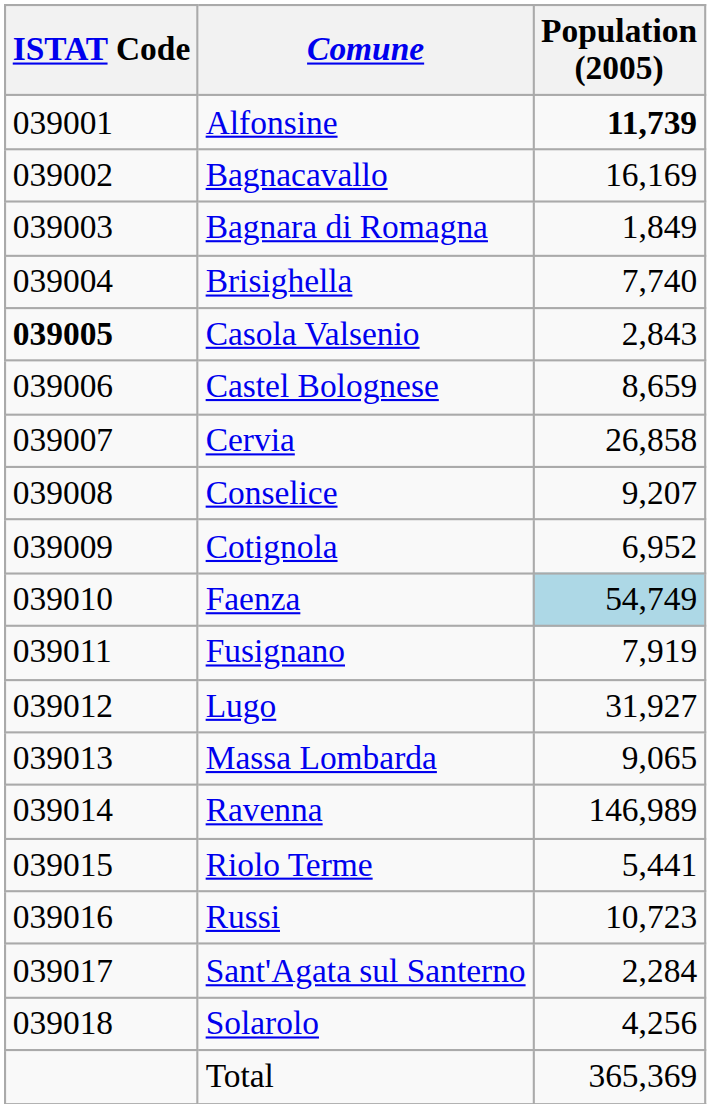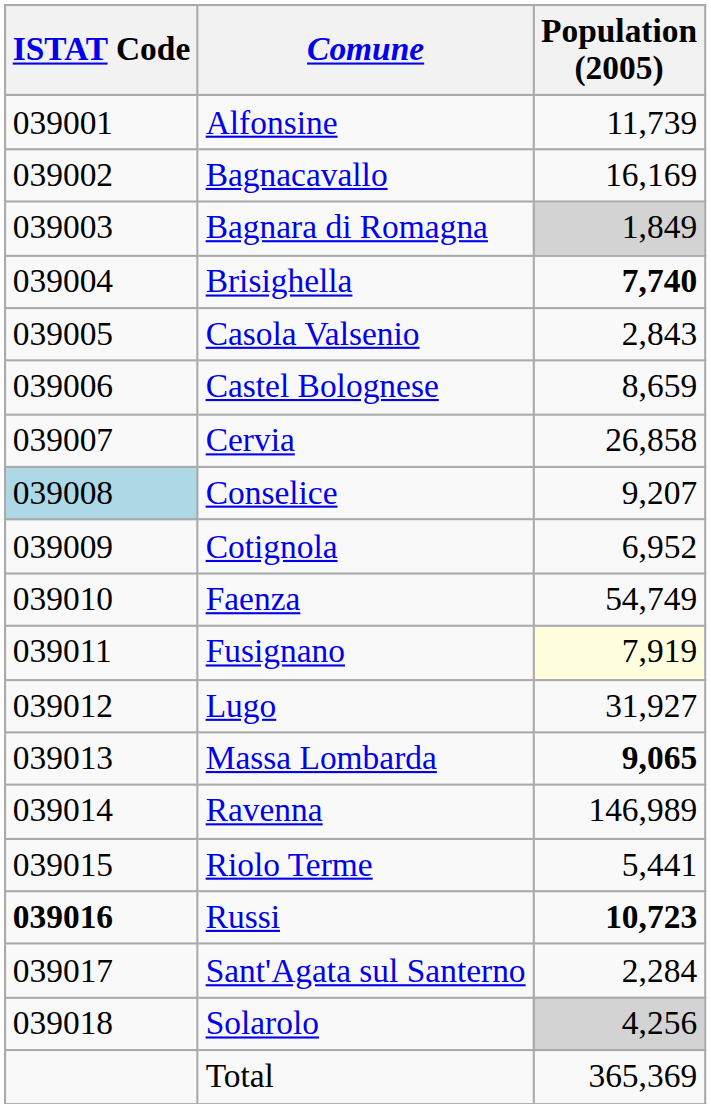 <table class="wikitable sortable">
 <tr>
 <th><a href='#'>ISTAT</a> Code</th>
 <th><em><a href='#'>Comune</a></em></th>
 <th>Population <br>(2005)</th>
 </tr>
 <tr>
 <td>039001</td>
 <td><a href='#'>Alfonsine</a></td>
-<td align="right"><strong>11,739</strong></td>
+<td align="right">11,739</td>
 </tr>
 <tr>
 <td>039002</td>
 <td><a href='#'>Bagnacavallo</a></td>
 <td align="right">16,169</td>
 </tr>
 <tr>
 <td>039003</td>
 <td><a href='#'>Bagnara di Romagna</a></td>
-<td align="right">1,849</td>
+<td align="right" style="background: lightgrey;">1,849</td>
 </tr>
 <tr>
 <td>039004</td>
 <td><a href='#'>Brisighella</a></td>
-<td align="right">7,740</td>
+<td align="right"><strong>7,740</strong></td>
 </tr>
 <tr>
-<td><strong>039005</strong></td>
+<td>039005</td>
 <td><a href='#'>Casola Valsenio</a></td>
 <td align="right">2,843</td>
 </tr>
 <tr>
 <td>039006</td>
 <td><a href='#'>Castel Bolognese</a></td>
 <td align="right">8,659</td>
 </tr>
 <tr>
 <td>039007</td>
 <td><a href='#'>Cervia</a></td>
 <td align="right">26,858</td>
 </tr>
 <tr>
-<td>039008</td>
+<td style="background: lightblue;">039008</td>
 <td><a href='#'>Conselice</a></td>
 <td align="right">9,207</td>
 </tr>
 <tr>
 <td>039009</td>
 <td><a href='#'>Cotignola</a></td>
 <td align="right">6,952</td>
 </tr>
 <tr>
 <td>039010</td>
 <td><a href='#'>Faenza</a></td>
-<td align="right" style="background: lightblue;">54,749</td>
+<td align="right">54,749</td>
 </tr>
 <tr>
 <td>039011</td>
 <td><a href='#'>Fusignano</a></td>
-<td align="right">7,919</td>
+<td align="right" style="background: lightyellow;">7,919</td>
 </tr>
 <tr>
 <td>039012</td>
 <td><a href='#'>Lugo</a></td>
 <td align="right">31,927</td>
 </tr>
 <tr>
 <td>039013</td>
 <td><a href='#'>Massa Lombarda</a></td>
-<td align="right">9,065</td>
+<td align="right"><strong>9,065</strong></td>
 </tr>
 <tr>
 <td>039014</td>
 <td><a href='#'>Ravenna</a></td>
 <td align="right">146,989</td>
 </tr>
 <tr>
 <td>039015</td>
 <td><a href='#'>Riolo Terme</a></td>
 <td align="right">5,441</td>
 </tr>
 <tr>
-<td>039016</td>
+<td><strong>039016</strong></td>
 <td><a href='#'>Russi</a></td>
-<td align="right">10,723</td>
+<td align="right"><strong>10,723</strong></td>
 </tr>
 <tr>
 <td>039017</td>
 <td><a href='#'>Sant'Agata sul Santerno</a></td>
 <td align="right">2,284</td>
 </tr>
 <tr>
 <td>039018</td>
 <td><a href='#'>Solarolo</a></td>
-<td align="right">4,256</td>
+<td align="right" style="background: lightgrey;">4,256</td>
 </tr>
 <tr>
 <td></td>
 <td>Total</td>
 <td align="right">365,369</td>
 </tr>
 <tr>
 </tr>
 </table>
